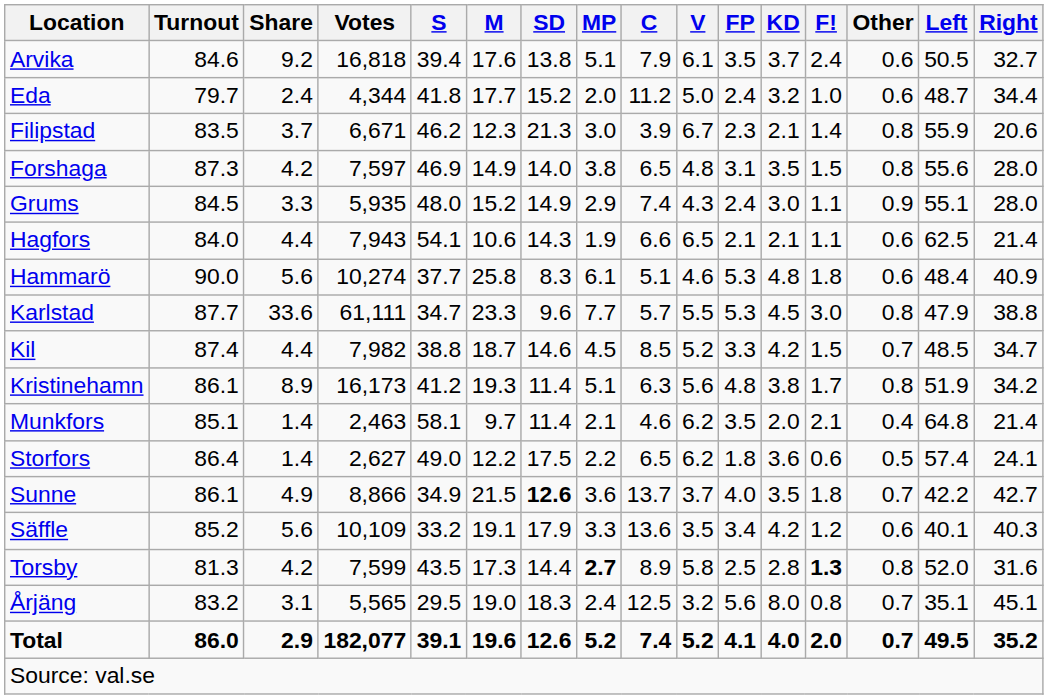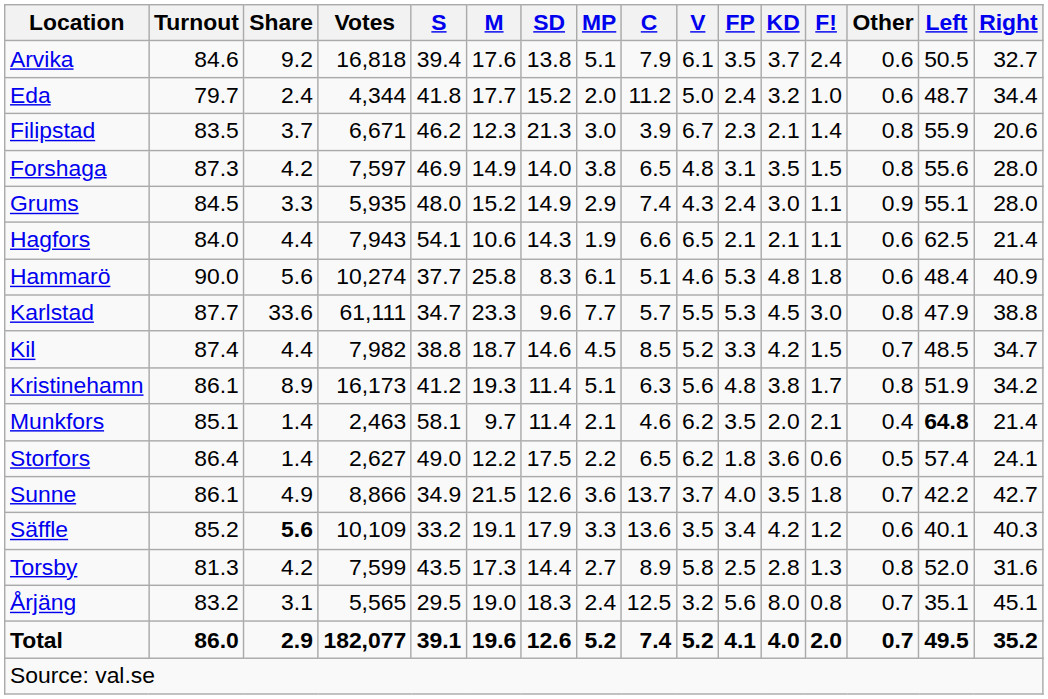 <table class="wikitable sortable" style=text-align:right>
 <tr>
 <th>Location</th>
 <th>Turnout</th>
 <th>Share</th>
 <th>Votes</th>
 <th><a href='#'>S</a></th>
 <th><a href='#'>M</a></th>
 <th><a href='#'>SD</a></th>
 <th><a href='#'>MP</a></th>
 <th><a href='#'>C</a></th>
 <th><a href='#'>V</a></th>
 <th><a href='#'>FP</a></th>
 <th><a href='#'>KD</a></th>
 <th><a href='#'>F!</a></th>
 <th>Other</th>
 <th><a href='#'>Left</a></th>
 <th><a href='#'>Right</a></th>
 </tr>
 <tr>
 <td align=left><a href='#'>Arvika</a></td>
 <td>84.6</td>
 <td>9.2</td>
 <td>16,818</td>
 <td>39.4</td>
 <td>17.6</td>
 <td>13.8</td>
 <td>5.1</td>
 <td>7.9</td>
 <td>6.1</td>
 <td>3.5</td>
 <td>3.7</td>
 <td>2.4</td>
 <td>0.6</td>
 <td>50.5</td>
 <td>32.7</td>
 </tr>
 <tr>
 <td align=left><a href='#'>Eda</a></td>
 <td>79.7</td>
 <td>2.4</td>
 <td>4,344</td>
 <td>41.8</td>
 <td>17.7</td>
 <td>15.2</td>
 <td>2.0</td>
 <td>11.2</td>
 <td>5.0</td>
 <td>2.4</td>
 <td>3.2</td>
 <td>1.0</td>
 <td>0.6</td>
 <td>48.7</td>
 <td>34.4</td>
 </tr>
 <tr>
 <td align=left><a href='#'>Filipstad</a></td>
 <td>83.5</td>
 <td>3.7</td>
 <td>6,671</td>
 <td>46.2</td>
 <td>12.3</td>
 <td>21.3</td>
 <td>3.0</td>
 <td>3.9</td>
 <td>6.7</td>
 <td>2.3</td>
 <td>2.1</td>
 <td>1.4</td>
 <td>0.8</td>
 <td>55.9</td>
 <td>20.6</td>
 </tr>
 <tr>
 <td align=left><a href='#'>Forshaga</a></td>
 <td>87.3</td>
 <td>4.2</td>
 <td>7,597</td>
 <td>46.9</td>
 <td>14.9</td>
 <td>14.0</td>
 <td>3.8</td>
 <td>6.5</td>
 <td>4.8</td>
 <td>3.1</td>
 <td>3.5</td>
 <td>1.5</td>
 <td>0.8</td>
 <td>55.6</td>
 <td>28.0</td>
 </tr>
 <tr>
 <td align=left><a href='#'>Grums</a></td>
 <td>84.5</td>
 <td>3.3</td>
 <td>5,935</td>
 <td>48.0</td>
 <td>15.2</td>
 <td>14.9</td>
 <td>2.9</td>
 <td>7.4</td>
 <td>4.3</td>
 <td>2.4</td>
 <td>3.0</td>
 <td>1.1</td>
 <td>0.9</td>
 <td>55.1</td>
 <td>28.0</td>
 </tr>
 <tr>
 <td align=left><a href='#'>Hagfors</a></td>
 <td>84.0</td>
 <td>4.4</td>
 <td>7,943</td>
 <td>54.1</td>
 <td>10.6</td>
 <td>14.3</td>
 <td>1.9</td>
 <td>6.6</td>
 <td>6.5</td>
 <td>2.1</td>
 <td>2.1</td>
 <td>1.1</td>
 <td>0.6</td>
 <td>62.5</td>
 <td>21.4</td>
 </tr>
 <tr>
 <td align=left><a href='#'>Hammarö</a></td>
 <td>90.0</td>
 <td>5.6</td>
 <td>10,274</td>
 <td>37.7</td>
 <td>25.8</td>
 <td>8.3</td>
 <td>6.1</td>
 <td>5.1</td>
 <td>4.6</td>
 <td>5.3</td>
 <td>4.8</td>
 <td>1.8</td>
 <td>0.6</td>
 <td>48.4</td>
 <td>40.9</td>
 </tr>
 <tr>
 <td align=left><a href='#'>Karlstad</a></td>
 <td>87.7</td>
 <td>33.6</td>
 <td>61,111</td>
 <td>34.7</td>
 <td>23.3</td>
 <td>9.6</td>
 <td>7.7</td>
 <td>5.7</td>
 <td>5.5</td>
 <td>5.3</td>
 <td>4.5</td>
 <td>3.0</td>
 <td>0.8</td>
 <td>47.9</td>
 <td>38.8</td>
 </tr>
 <tr>
 <td align=left><a href='#'>Kil</a></td>
 <td>87.4</td>
 <td>4.4</td>
 <td>7,982</td>
 <td>38.8</td>
 <td>18.7</td>
 <td>14.6</td>
 <td>4.5</td>
 <td>8.5</td>
 <td>5.2</td>
 <td>3.3</td>
 <td>4.2</td>
 <td>1.5</td>
 <td>0.7</td>
 <td>48.5</td>
 <td>34.7</td>
 </tr>
 <tr>
 <td align=left><a href='#'>Kristinehamn</a></td>
 <td>86.1</td>
 <td>8.9</td>
 <td>16,173</td>
 <td>41.2</td>
 <td>19.3</td>
 <td>11.4</td>
 <td>5.1</td>
 <td>6.3</td>
 <td>5.6</td>
 <td>4.8</td>
 <td>3.8</td>
 <td>1.7</td>
 <td>0.8</td>
 <td>51.9</td>
 <td>34.2</td>
 </tr>
 <tr>
 <td align=left><a href='#'>Munkfors</a></td>
 <td>85.1</td>
 <td>1.4</td>
 <td>2,463</td>
 <td>58.1</td>
 <td>9.7</td>
 <td>11.4</td>
 <td>2.1</td>
 <td>4.6</td>
 <td>6.2</td>
 <td>3.5</td>
 <td>2.0</td>
 <td>2.1</td>
 <td>0.4</td>
-<td>64.8</td>
+<td><strong>64.8</strong></td>
 <td>21.4</td>
 </tr>
 <tr>
 <td align=left><a href='#'>Storfors</a></td>
 <td>86.4</td>
 <td>1.4</td>
 <td>2,627</td>
 <td>49.0</td>
 <td>12.2</td>
 <td>17.5</td>
 <td>2.2</td>
 <td>6.5</td>
 <td>6.2</td>
 <td>1.8</td>
 <td>3.6</td>
 <td>0.6</td>
 <td>0.5</td>
 <td>57.4</td>
 <td>24.1</td>
 </tr>
 <tr>
 <td align=left><a href='#'>Sunne</a></td>
 <td>86.1</td>
 <td>4.9</td>
 <td>8,866</td>
 <td>34.9</td>
 <td>21.5</td>
-<td><strong>12.6</strong></td>
+<td>12.6</td>
 <td>3.6</td>
 <td>13.7</td>
 <td>3.7</td>
 <td>4.0</td>
 <td>3.5</td>
 <td>1.8</td>
 <td>0.7</td>
 <td>42.2</td>
 <td>42.7</td>
 </tr>
 <tr>
 <td align=left><a href='#'>Säffle</a></td>
 <td>85.2</td>
-<td>5.6</td>
+<td><strong>5.6</strong></td>
 <td>10,109</td>
 <td>33.2</td>
 <td>19.1</td>
 <td>17.9</td>
 <td>3.3</td>
 <td>13.6</td>
 <td>3.5</td>
 <td>3.4</td>
 <td>4.2</td>
 <td>1.2</td>
 <td>0.6</td>
 <td>40.1</td>
 <td>40.3</td>
 </tr>
 <tr>
 <td align=left><a href='#'>Torsby</a></td>
 <td>81.3</td>
 <td>4.2</td>
 <td>7,599</td>
 <td>43.5</td>
 <td>17.3</td>
 <td>14.4</td>
-<td><strong>2.7</strong></td>
+<td>2.7</td>
 <td>8.9</td>
 <td>5.8</td>
 <td>2.5</td>
 <td>2.8</td>
-<td><strong>1.3</strong></td>
+<td>1.3</td>
 <td>0.8</td>
 <td>52.0</td>
 <td>31.6</td>
 </tr>
 <tr>
 <td align=left><a href='#'>Årjäng</a></td>
 <td>83.2</td>
 <td>3.1</td>
 <td>5,565</td>
 <td>29.5</td>
 <td>19.0</td>
 <td>18.3</td>
 <td>2.4</td>
 <td>12.5</td>
 <td>3.2</td>
 <td>5.6</td>
 <td>8.0</td>
 <td>0.8</td>
 <td>0.7</td>
 <td>35.1</td>
 <td>45.1</td>
 </tr>
 <tr>
 <td align=left><strong>Total</strong></td>
 <td><strong>86.0</strong></td>
 <td><strong>2.9</strong></td>
 <td><strong>182,077</strong></td>
 <td><strong>39.1</strong></td>
 <td><strong>19.6</strong></td>
 <td><strong>12.6</strong></td>
 <td><strong>5.2</strong></td>
 <td><strong>7.4</strong></td>
 <td><strong>5.2</strong></td>
 <td><strong>4.1</strong></td>
 <td><strong>4.0</strong></td>
 <td><strong>2.0</strong></td>
 <td><strong>0.7</strong></td>
 <td><strong>49.5</strong></td>
 <td><strong>35.2</strong></td>
 </tr>
 <tr>
 <td align=left colspan=16>Source: val.se </td>
 </tr>
 </table>
